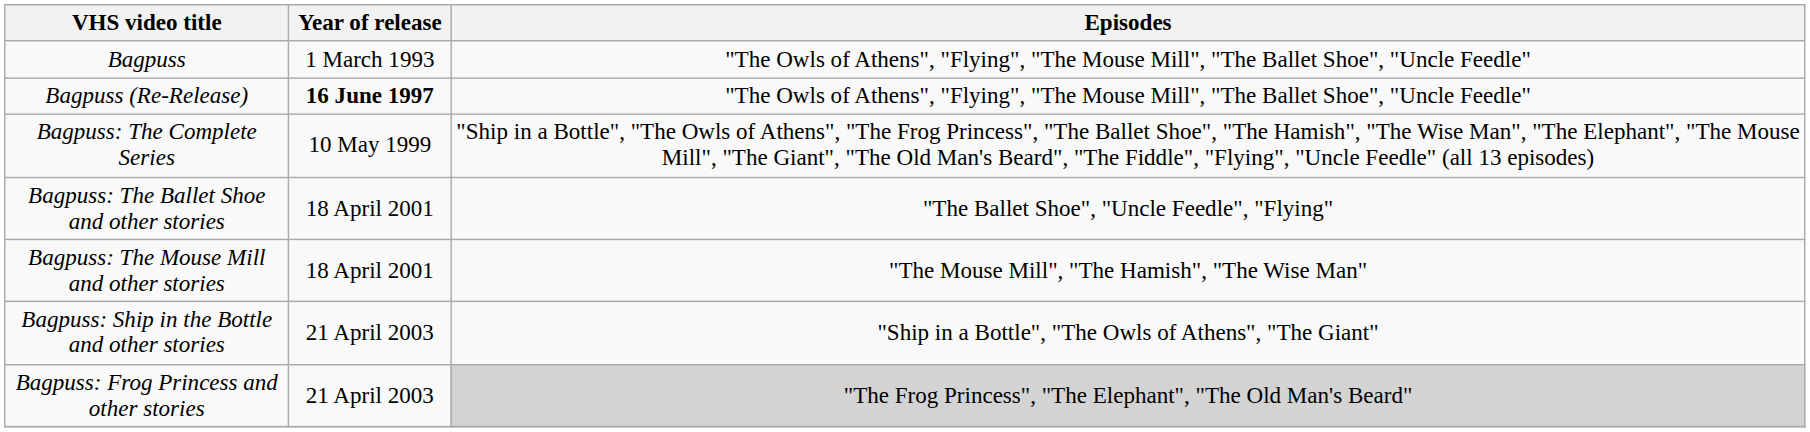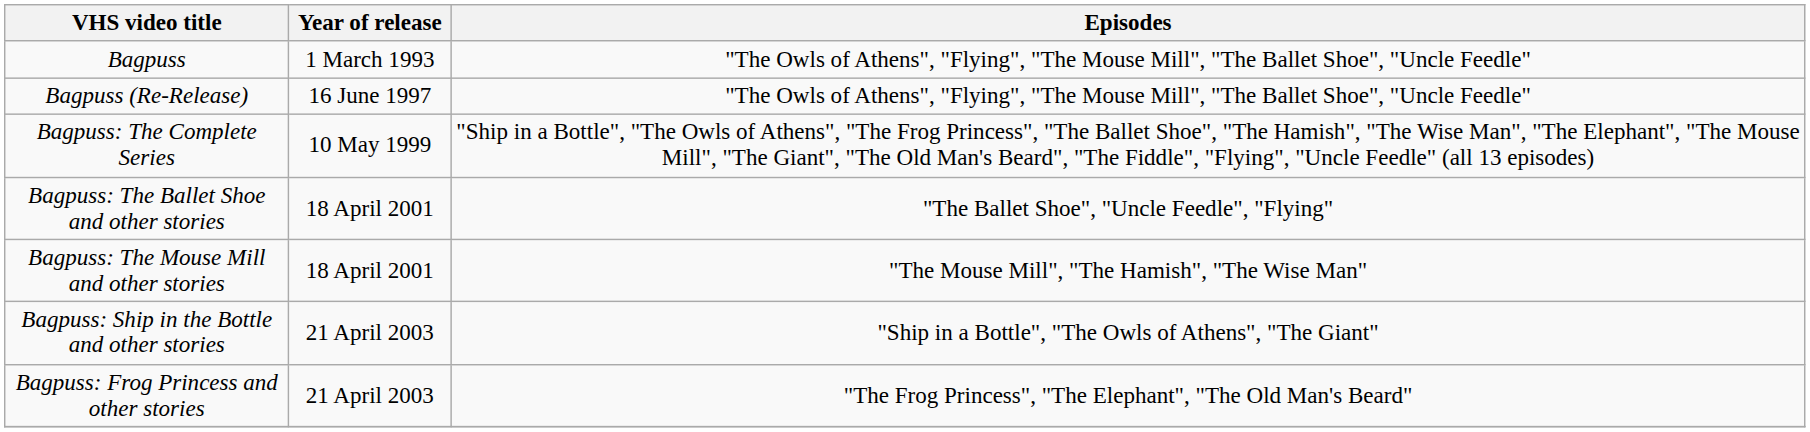 <table class="wikitable" width=99%>
 <tr>
 <th>VHS video title</th>
 <th style="width:09%;">Year of release</th>
 <th>Episodes</th>
 </tr>
 <tr>
 <td align="center"><em>Bagpuss</em></td>
 <td align="center">1 March 1993</td>
 <td align="center">"The Owls of Athens", "Flying", "The Mouse Mill", "The Ballet Shoe", "Uncle Feedle"</td>
 </tr>
 <tr>
 <td align="center"><em>Bagpuss (Re-Release)</em></td>
-<td align="center"><strong>16 June 1997</strong></td>
+<td align="center">16 June 1997</td>
 <td align="center">"The Owls of Athens", "Flying", "The Mouse Mill", "The Ballet Shoe", "Uncle Feedle"</td>
 </tr>
 <tr>
 <td align="center"><em>Bagpuss: The Complete Series</em></td>
 <td align="center">10 May 1999</td>
 <td align="center">"Ship in a Bottle", "The Owls of Athens", "The Frog Princess", "The Ballet Shoe", "The Hamish", "The Wise Man", "The Elephant", "The Mouse Mill", "The Giant", "The Old Man's Beard", "The Fiddle", "Flying", "Uncle Feedle" (all 13 episodes)</td>
 </tr>
 <tr>
 <td align="center"><em>Bagpuss: The Ballet Shoe and other stories</em></td>
 <td align="center">18 April 2001</td>
 <td align="center">"The Ballet Shoe", "Uncle Feedle", "Flying"</td>
 </tr>
 <tr>
 <td align="center"><em>Bagpuss: The Mouse Mill and other stories</em></td>
 <td align="center">18 April 2001</td>
 <td align="center">"The Mouse Mill", "The Hamish", "The Wise Man"</td>
 </tr>
 <tr>
 <td align="center"><em>Bagpuss: Ship in the Bottle and other stories</em></td>
 <td align="center">21 April 2003</td>
 <td align="center">"Ship in a Bottle", "The Owls of Athens", "The Giant"</td>
 </tr>
 <tr>
 <td align="center"><em>Bagpuss: Frog Princess and other stories</em></td>
 <td align="center">21 April 2003</td>
-<td align="center" style="background: lightgrey;">"The Frog Princess", "The Elephant", "The Old Man's Beard"</td>
+<td align="center">"The Frog Princess", "The Elephant", "The Old Man's Beard"</td>
 </tr>
 <tr>
 </tr>
 </table>
